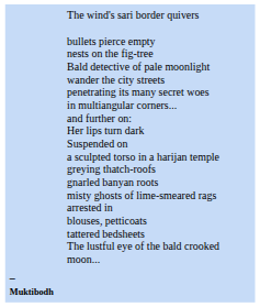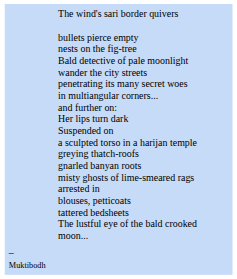 <table class="toccolours" style="float: right; margin-left: 1em; margin-right: 1em; font-size: 85%; background:#c6dbf7; color:black; width:23em; max-width: 25%;" cellspacing="5">
 <tr>
 <td style="text-align: left;"></td>
 <td>The wind's sari border quivers<br><br>bullets pierce empty <br> nests on the fig-tree<br> Bald detective of pale moonlight <br> wander the city streets<br> penetrating its many secret woes <br> in multiangular corners...<br> and further on:<br> Her lips turn dark<br> Suspended on<br> a sculpted torso in a harijan temple <br> greying thatch-roofs<br> gnarled banyan roots<br> misty ghosts of lime-smeared rags <br> arrested in<br> blouses, petticoats<br> tattered bedsheets<br> The lustful eye of the bald crooked moon... <br></td>
 </tr>
 <tr>
-<td style="text-align: left;"><strong>– <small>Muktibodh</small></strong></td>
+<td style="text-align: left;">– <small>Muktibodh</small></td>
 </tr>
 </table>
